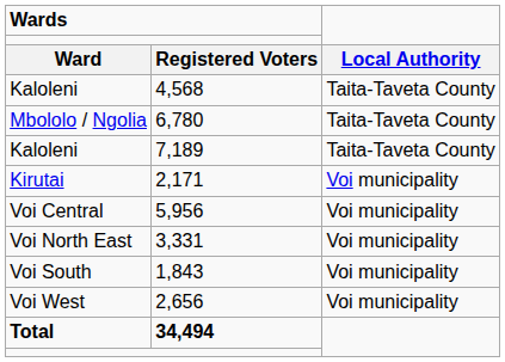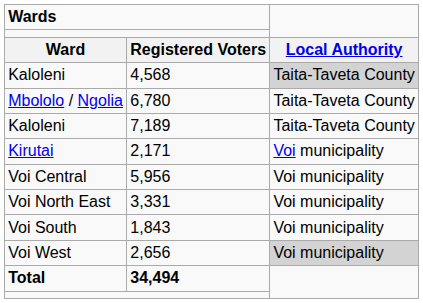 <table class="wikitable">
 <tr>
 <td colspan="2"><strong>Wards</strong></td>
 </tr>
 <tr>
 <td colspan="2"></td>
 </tr>
 <tr>
 <th>Ward</th>
 <th>Registered Voters</th>
 <th><a href='#'>Local Authority</a></th>
 </tr>
 <tr>
 <td>Kaloleni</td>
 <td>4,568</td>
-<td>Taita-Taveta County</td>
+<td style="background: lightgrey;">Taita-Taveta County</td>
 </tr>
 <tr>
 <td><a href='#'>Mbololo</a> / <a href='#'>Ngolia</a></td>
 <td>6,780</td>
 <td>Taita-Taveta County</td>
 </tr>
 <tr>
 <td>Kaloleni</td>
 <td>7,189</td>
 <td>Taita-Taveta County</td>
 </tr>
 <tr>
 <td><a href='#'>Kirutai</a></td>
 <td>2,171</td>
 <td><a href='#'>Voi</a> municipality</td>
 </tr>
 <tr>
 <td>Voi Central</td>
 <td>5,956</td>
 <td>Voi municipality</td>
 </tr>
 <tr>
 <td>Voi North East</td>
 <td>3,331</td>
 <td>Voi municipality</td>
 </tr>
 <tr>
 <td>Voi South</td>
 <td>1,843</td>
 <td>Voi municipality</td>
 </tr>
 <tr>
 <td>Voi West</td>
 <td>2,656</td>
-<td>Voi municipality</td>
+<td style="background: lightgrey;">Voi municipality</td>
 </tr>
 <tr>
 <td><strong>Total</strong></td>
 <td><strong>34,494</strong></td>
 </tr>
 <tr>
 <td colspan="2"></td>
 </tr>
 </table>
